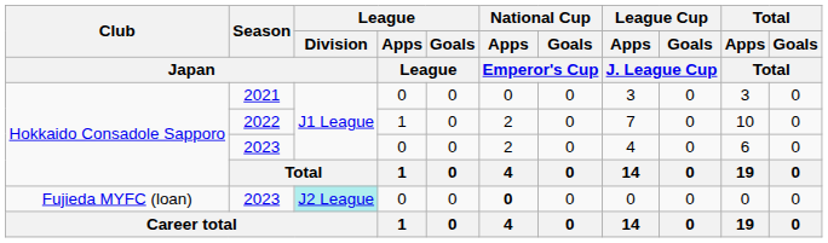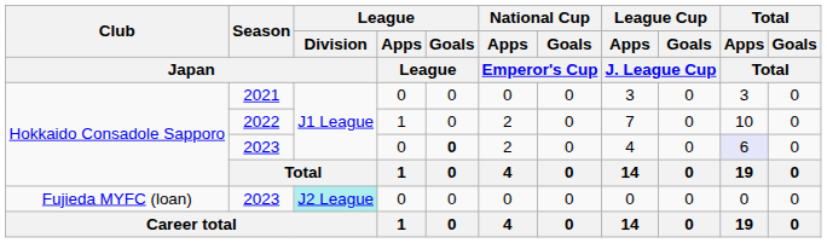 <table class="wikitable" style="text-align:center">
 <tr>
 <th rowspan=2>Club</th>
 <th rowspan=2>Season</th>
 <th colspan=3>League</th>
 <th colspan=2>National Cup</th>
 <th colspan=2>League Cup</th>
 <th colspan=2>Total</th>
 </tr>
 <tr>
 <th>Division</th>
 <th>Apps</th>
 <th>Goals</th>
 <th>Apps</th>
 <th>Goals</th>
 <th>Apps</th>
 <th>Goals</th>
 <th>Apps</th>
 <th>Goals</th>
 </tr>
 <tr>
 <th colspan=3>Japan</th>
 <th colspan=2>League</th>
 <th colspan=2><a href='#'>Emperor's Cup</a></th>
 <th colspan=2><a href='#'>J. League Cup</a></th>
 <th colspan=2>Total</th>
 </tr>
 <tr>
 <td rowspan="4"><a href='#'>Hokkaido Consadole Sapporo</a></td>
 <td><a href='#'>2021</a></td>
 <td rowspan="3"><a href='#'>J1 League</a></td>
 <td>0</td>
 <td>0</td>
 <td>0</td>
 <td>0</td>
 <td>3</td>
 <td>0</td>
 <td>3</td>
 <td>0</td>
 </tr>
 <tr>
 <td><a href='#'>2022</a></td>
 <td>1</td>
 <td>0</td>
 <td>2</td>
 <td>0</td>
 <td>7</td>
 <td>0</td>
 <td>10</td>
 <td>0</td>
 </tr>
 <tr>
 <td><a href='#'>2023</a></td>
 <td>0</td>
-<td>0</td>
+<td><strong>0</strong></td>
 <td>2</td>
 <td>0</td>
 <td>4</td>
 <td>0</td>
-<td>6</td>
+<td style="background: lavender;">6</td>
 <td>0</td>
 </tr>
 <tr>
 <th colspan="2">Total</th>
 <th>1</th>
 <th>0</th>
 <th>4</th>
 <th>0</th>
 <th>14</th>
 <th>0</th>
 <th>19</th>
 <th>0</th>
 </tr>
 <tr>
 <td><a href='#'>Fujieda MYFC</a> (loan)</td>
 <td><a href='#'>2023</a></td>
 <td style="background: paleturquoise;"><a href='#'>J2 League</a></td>
 <td>0</td>
 <td>0</td>
-<td><strong>0</strong></td>
+<td>0</td>
 <td>0</td>
 <td>0</td>
 <td>0</td>
 <td>0</td>
 <td>0</td>
 </tr>
 <tr>
 <th colspan=3>Career total</th>
 <th>1</th>
 <th>0</th>
 <th>4</th>
 <th>0</th>
 <th>14</th>
 <th>0</th>
 <th>19</th>
 <th>0</th>
 </tr>
 </table>
